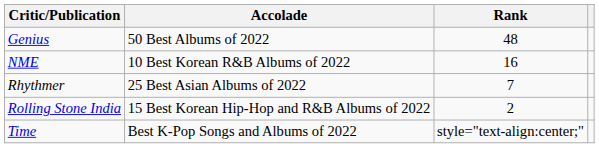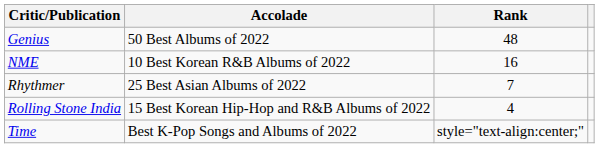 <table class="wikitable plainrowheaders">
 <tr>
 <th scope="col">Critic/Publication</th>
 <th scope="col">Accolade</th>
 <th scope="col">Rank</th>
 <th scope="col" class="unsortable"></th>
 </tr>
 <tr>
 <td><a href='#'><em>Genius</em></a></td>
 <td>50 Best Albums of 2022</td>
 <td style="text-align:center;">48</td>
 <td style="text-align:center;"></td>
 </tr>
 <tr>
 <td><em><a href='#'>NME</a></em></td>
 <td>10 Best Korean R&B Albums of 2022</td>
 <td style="text-align:center;">16</td>
 <td style="text-align:center;"></td>
 </tr>
 <tr>
 <td><em>Rhythmer</em></td>
 <td>25 Best Asian Albums of 2022</td>
 <td style="text-align:center;">7</td>
 <td style="text-align:center;"></td>
 </tr>
 <tr>
 <td><em><a href='#'>Rolling Stone India</a></em></td>
 <td>15 Best Korean Hip-Hop and R&B Albums of 2022</td>
-<td style="text-align:center;">2</td>
+<td style="text-align:center;">4</td>
 <td style="text-align:center;"></td>
 </tr>
 <tr>
 <td><a href='#'><em>Time</em></a></td>
 <td>Best K-Pop Songs and Albums of 2022</td>
 <td>style="text-align:center;" </td>
 <td style="text-align:center;"></td>
 </tr>
 </table>
